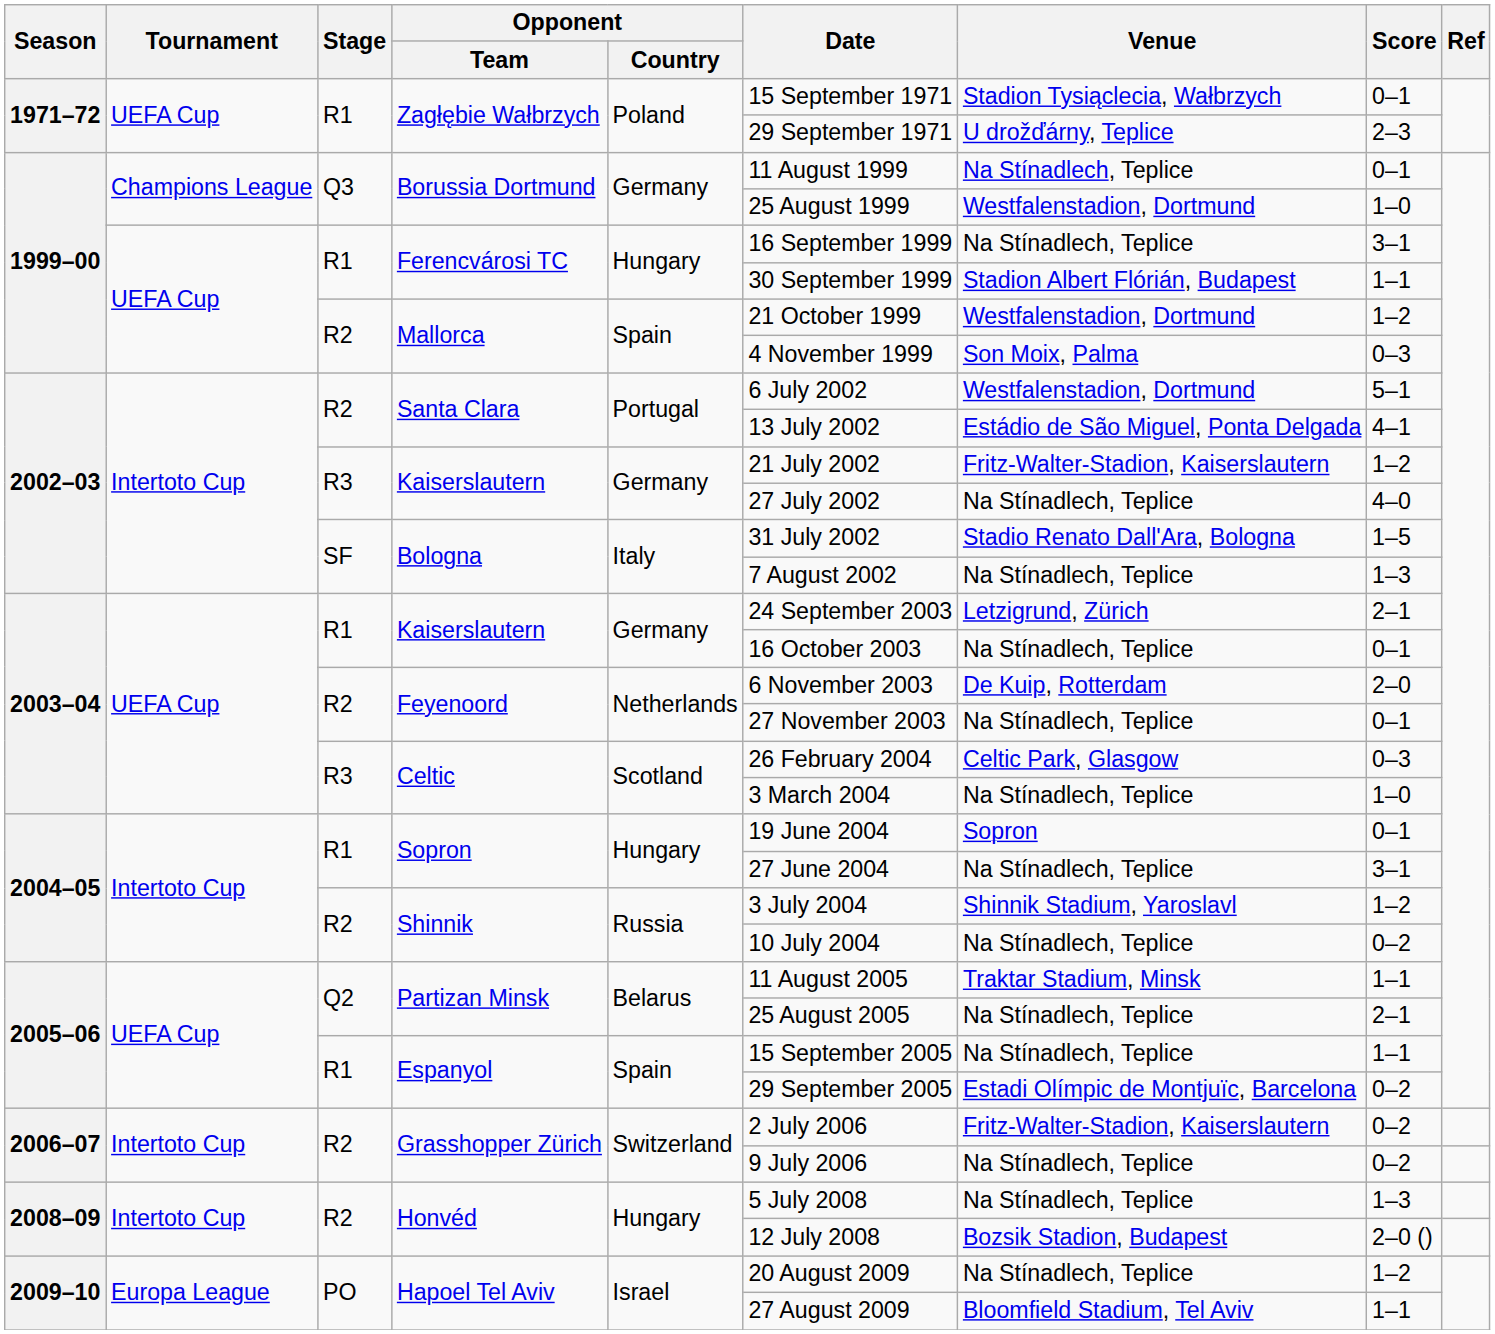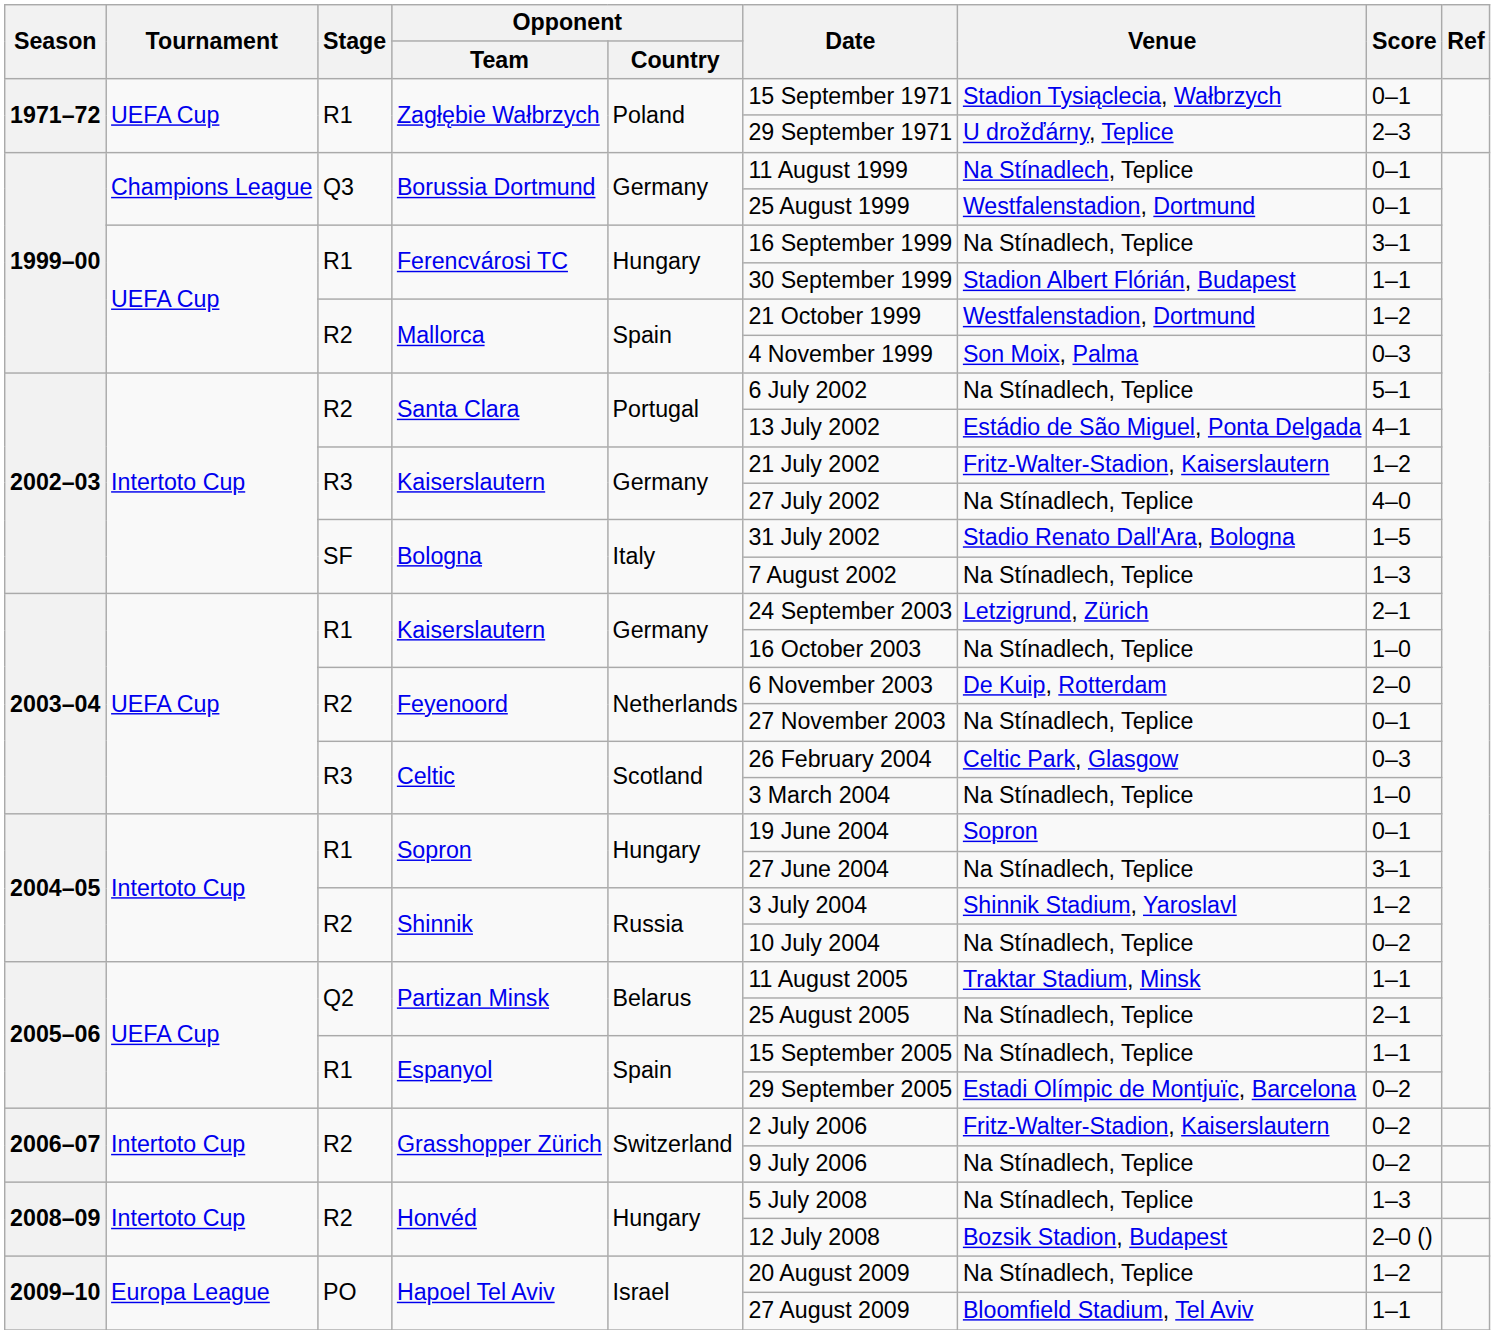 <table class="wikitable plainrowheaders">
 <tr>
 <th scope=col rowspan=2>Season</th>
 <th scope=col rowspan=2>Tournament</th>
 <th scope=col rowspan=2>Stage</th>
 <th scope=col colspan=2>Opponent</th>
 <th scope=col rowspan=2>Date</th>
 <th scope=col rowspan=2>Venue</th>
 <th scope=col rowspan=2>Score</th>
 <th scope=col rowspan=2>Ref</th>
 </tr>
 <tr>
 <th scope=col>Team</th>
 <th scope=col>Country</th>
 </tr>
 <tr>
 <th scope=row rowspan=2>1971–72</th>
 <td rowspan=2><a href='#'>UEFA Cup</a></td>
 <td rowspan=2>R1</td>
 <td rowspan=2><a href='#'>Zagłębie Wałbrzych</a></td>
 <td rowspan=2> Poland</td>
 <td>15 September 1971</td>
 <td><a href='#'>Stadion Tysiąclecia</a>, <a href='#'>Wałbrzych</a></td>
 <td>0–1</td>
 <td rowspan=2 align=center></td>
 </tr>
 <tr>
 <td>29 September 1971</td>
 <td><a href='#'>U drožďárny</a>, <a href='#'>Teplice</a></td>
 <td>2–3</td>
 </tr>
 <tr>
 <th scope=row rowspan=6>1999–00</th>
 <td rowspan=2><a href='#'>Champions League</a></td>
 <td rowspan=2>Q3</td>
 <td rowspan=2><a href='#'>Borussia Dortmund</a></td>
 <td rowspan=2> Germany</td>
 <td>11 August 1999</td>
 <td><a href='#'>Na Stínadlech</a>, Teplice</td>
 <td>0–1</td>
 </tr>
 <tr>
 <td>25 August 1999</td>
 <td><a href='#'>Westfalenstadion</a>, <a href='#'>Dortmund</a></td>
-<td>1–0</td>
+<td>0–1</td>
 </tr>
 <tr>
 <td rowspan=4><a href='#'>UEFA Cup</a></td>
 <td rowspan=2>R1</td>
 <td rowspan=2><a href='#'>Ferencvárosi TC</a></td>
 <td rowspan=2> Hungary</td>
 <td>16 September 1999</td>
 <td>Na Stínadlech, Teplice</td>
 <td>3–1</td>
 </tr>
 <tr>
 <td>30 September 1999</td>
 <td><a href='#'>Stadion Albert Flórián</a>, <a href='#'>Budapest</a></td>
 <td>1–1</td>
 </tr>
 <tr>
 <td rowspan=2>R2</td>
 <td rowspan=2><a href='#'>Mallorca</a></td>
 <td rowspan=2> Spain</td>
 <td>21 October 1999</td>
 <td><a href='#'>Westfalenstadion</a>, <a href='#'>Dortmund</a></td>
 <td>1–2</td>
 </tr>
 <tr>
 <td>4 November 1999</td>
 <td><a href='#'>Son Moix</a>, <a href='#'>Palma</a></td>
 <td>0–3</td>
 </tr>
 <tr>
 <th scope=row rowspan=6>2002–03</th>
 <td rowspan=6><a href='#'>Intertoto Cup</a></td>
 <td rowspan=2>R2</td>
 <td rowspan=2><a href='#'>Santa Clara</a></td>
 <td rowspan=2> Portugal</td>
 <td>6 July 2002</td>
-<td><a href='#'>Westfalenstadion</a>, <a href='#'>Dortmund</a></td>
+<td>Na Stínadlech, Teplice</td>
 <td>5–1</td>
 </tr>
 <tr>
 <td>13 July 2002</td>
 <td><a href='#'>Estádio de São Miguel</a>, <a href='#'>Ponta Delgada</a></td>
 <td>4–1</td>
 </tr>
 <tr>
 <td rowspan=2>R3</td>
 <td rowspan=2><a href='#'>Kaiserslautern</a></td>
 <td rowspan=2> Germany</td>
 <td>21 July 2002</td>
 <td><a href='#'>Fritz-Walter-Stadion</a>, <a href='#'>Kaiserslautern</a></td>
 <td>1–2</td>
 </tr>
 <tr>
 <td>27 July 2002</td>
 <td>Na Stínadlech, Teplice</td>
 <td>4–0</td>
 </tr>
 <tr>
 <td rowspan=2>SF</td>
 <td rowspan=2><a href='#'>Bologna</a></td>
 <td rowspan=2> Italy</td>
 <td>31 July 2002</td>
 <td><a href='#'>Stadio Renato Dall'Ara</a>, <a href='#'>Bologna</a></td>
 <td>1–5</td>
 </tr>
 <tr>
 <td>7 August 2002</td>
 <td>Na Stínadlech, Teplice</td>
 <td>1–3</td>
 </tr>
 <tr>
 <th scope=row rowspan=6>2003–04</th>
 <td rowspan=6><a href='#'>UEFA Cup</a></td>
 <td rowspan=2>R1</td>
 <td rowspan=2><a href='#'>Kaiserslautern</a></td>
 <td rowspan=2> Germany</td>
 <td>24 September 2003</td>
 <td><a href='#'>Letzigrund</a>, <a href='#'>Zürich</a></td>
 <td>2–1</td>
 </tr>
 <tr>
 <td>16 October 2003</td>
 <td>Na Stínadlech, Teplice</td>
-<td>0–1</td>
+<td>1–0</td>
 </tr>
 <tr>
 <td rowspan=2>R2</td>
 <td rowspan=2><a href='#'>Feyenoord</a></td>
 <td rowspan=2> Netherlands</td>
 <td>6 November 2003</td>
 <td><a href='#'>De Kuip</a>, <a href='#'>Rotterdam</a></td>
 <td>2–0</td>
 </tr>
 <tr>
 <td>27 November 2003</td>
 <td>Na Stínadlech, Teplice</td>
 <td>0–1</td>
 </tr>
 <tr>
 <td rowspan=2>R3</td>
 <td rowspan=2><a href='#'>Celtic</a></td>
 <td rowspan=2> Scotland</td>
 <td>26 February 2004</td>
 <td><a href='#'>Celtic Park</a>, <a href='#'>Glasgow</a></td>
 <td>0–3</td>
 </tr>
 <tr>
 <td>3 March 2004</td>
 <td>Na Stínadlech, Teplice</td>
 <td>1–0</td>
 </tr>
 <tr>
 <th scope=row rowspan=4>2004–05</th>
 <td rowspan=4><a href='#'>Intertoto Cup</a></td>
 <td rowspan=2>R1</td>
 <td rowspan=2><a href='#'>Sopron</a></td>
 <td rowspan=2> Hungary</td>
 <td>19 June 2004</td>
 <td><a href='#'>Sopron</a></td>
 <td>0–1</td>
 </tr>
 <tr>
 <td>27 June 2004</td>
 <td>Na Stínadlech, Teplice</td>
 <td>3–1</td>
 </tr>
 <tr>
 <td rowspan=2>R2</td>
 <td rowspan=2><a href='#'>Shinnik</a></td>
 <td rowspan=2> Russia</td>
 <td>3 July 2004</td>
 <td><a href='#'>Shinnik Stadium</a>, <a href='#'>Yaroslavl</a></td>
 <td>1–2</td>
 </tr>
 <tr>
 <td>10 July 2004</td>
 <td>Na Stínadlech, Teplice</td>
 <td>0–2</td>
 </tr>
 <tr>
 <th scope=row rowspan=4>2005–06</th>
 <td rowspan=4><a href='#'>UEFA Cup</a></td>
 <td rowspan=2>Q2</td>
 <td rowspan=2><a href='#'>Partizan Minsk</a></td>
 <td rowspan=2> Belarus</td>
 <td>11 August 2005</td>
 <td><a href='#'>Traktar Stadium</a>, <a href='#'>Minsk</a></td>
 <td>1–1</td>
 </tr>
 <tr>
 <td>25 August 2005</td>
 <td>Na Stínadlech, Teplice</td>
 <td>2–1</td>
 </tr>
 <tr>
 <td rowspan=2>R1</td>
 <td rowspan=2><a href='#'>Espanyol</a></td>
 <td rowspan=2> Spain</td>
 <td>15 September 2005</td>
 <td>Na Stínadlech, Teplice</td>
 <td>1–1</td>
 </tr>
 <tr>
 <td>29 September 2005</td>
 <td><a href='#'>Estadi Olímpic de Montjuïc</a>, <a href='#'>Barcelona</a></td>
 <td>0–2</td>
 </tr>
 <tr>
 <th scope=row rowspan=2>2006–07</th>
 <td rowspan=2><a href='#'>Intertoto Cup</a></td>
 <td rowspan=2>R2</td>
 <td rowspan=2><a href='#'>Grasshopper Zürich</a></td>
 <td rowspan=2> Switzerland</td>
 <td>2 July 2006</td>
 <td><a href='#'>Fritz-Walter-Stadion</a>, <a href='#'>Kaiserslautern</a></td>
 <td>0–2</td>
 <td align=center></td>
 </tr>
 <tr>
 <td>9 July 2006</td>
 <td>Na Stínadlech, Teplice</td>
 <td>0–2</td>
 <td align=center></td>
 </tr>
 <tr>
 <th scope=row rowspan=2>2008–09</th>
 <td rowspan=2><a href='#'>Intertoto Cup</a></td>
 <td rowspan=2>R2</td>
 <td rowspan=2><a href='#'>Honvéd</a></td>
 <td rowspan=2> Hungary</td>
 <td>5 July 2008</td>
 <td>Na Stínadlech, Teplice</td>
 <td>1–3</td>
 <td align=center></td>
 </tr>
 <tr>
 <td>12 July 2008</td>
 <td><a href='#'>Bozsik Stadion</a>, <a href='#'>Budapest</a></td>
 <td>2–0 ()</td>
 <td align=center></td>
 </tr>
 <tr>
 <th scope=row rowspan=2>2009–10</th>
 <td rowspan=2><a href='#'>Europa League</a></td>
 <td rowspan=2>PO</td>
 <td rowspan=2><a href='#'>Hapoel Tel Aviv</a></td>
 <td rowspan=2> Israel</td>
 <td>20 August 2009</td>
 <td>Na Stínadlech, Teplice</td>
 <td>1–2</td>
 <td rowspan=2 align=center></td>
 </tr>
 <tr>
 <td>27 August 2009</td>
 <td><a href='#'>Bloomfield Stadium</a>, <a href='#'>Tel Aviv</a></td>
 <td>1–1</td>
 </tr>
 </table>
